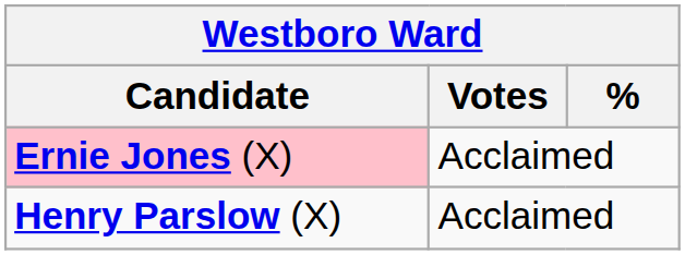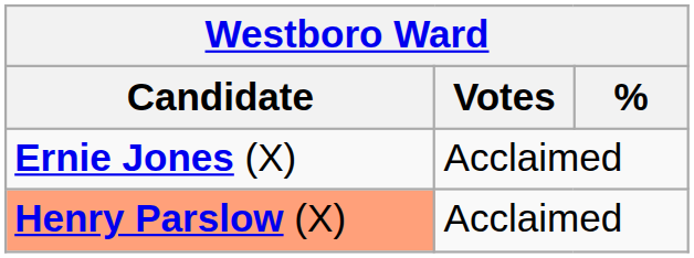 <table class="wikitable">
 <tr>
 <th colspan="3"><a href='#'>Westboro Ward</a></th>
 </tr>
 <tr>
 <th style="width: 170px">Candidate</th>
 <th style="width: 50px">Votes</th>
 <th style="width: 40px">%</th>
 </tr>
 <tr>
-<td style="background: pink;"><strong><a href='#'>Ernie Jones</a></strong> (X)</td>
+<td><strong><a href='#'>Ernie Jones</a></strong> (X)</td>
 <td colspan="2">Acclaimed</td>
 </tr>
 <tr>
-<td><strong><a href='#'>Henry Parslow</a></strong> (X)</td>
+<td style="background: lightsalmon;"><strong><a href='#'>Henry Parslow</a></strong> (X)</td>
 <td colspan="2">Acclaimed</td>
 </tr>
 </table>
